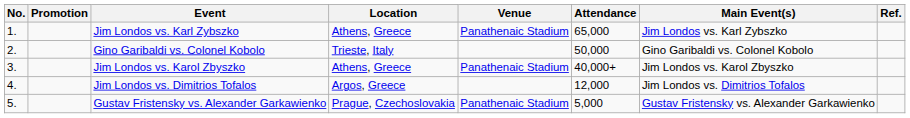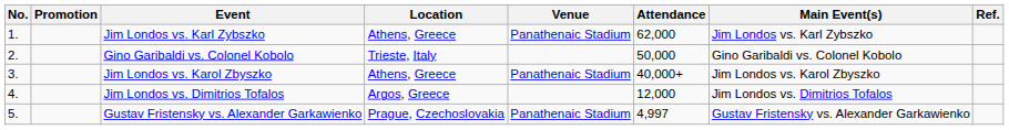 <table class="wikitable sortable" style="font-size:85%;">
 <tr>
 <th>No.</th>
 <th>Promotion</th>
 <th>Event</th>
 <th>Location</th>
 <th>Venue</th>
 <th>Attendance</th>
 <th class=unsortable>Main Event(s)</th>
 <th class=unsortable>Ref.</th>
 </tr>
 <tr>
 <td>1.</td>
 <td></td>
 <td><a href='#'>Jim Londos vs. Karl Zybszko</a> <br> </td>
 <td><a href='#'>Athens</a>, <a href='#'>Greece</a></td>
 <td><a href='#'>Panathenaic Stadium</a></td>
-<td>65,000</td>
+<td>62,000</td>
 <td><a href='#'>Jim Londos</a> vs. Karl Zybszko</td>
 <td></td>
 </tr>
 <tr>
 <td>2.</td>
 <td></td>
 <td><a href='#'>Gino Garibaldi vs. Colonel Kobolo</a> <br> </td>
 <td><a href='#'>Trieste</a>, <a href='#'>Italy</a></td>
 <td></td>
 <td>50,000</td>
 <td>Gino Garibaldi vs. Colonel Kobolo</td>
 <td></td>
 </tr>
 <tr>
 <td>3.</td>
 <td></td>
 <td><a href='#'>Jim Londos vs. Karol Zbyszko</a> <br> </td>
 <td><a href='#'>Athens</a>, <a href='#'>Greece</a></td>
 <td><a href='#'>Panathenaic Stadium</a></td>
 <td>40,000+</td>
 <td>Jim Londos vs. Karol Zbyszko</td>
 <td></td>
 </tr>
 <tr>
 <td>4.</td>
 <td></td>
 <td><a href='#'>Jim Londos vs. Dimitrios Tofalos</a> <br> </td>
 <td><a href='#'>Argos</a>, <a href='#'>Greece</a></td>
 <td></td>
 <td>12,000</td>
 <td>Jim Londos vs. <a href='#'>Dimitrios Tofalos</a></td>
 <td></td>
 </tr>
 <tr>
 <td>5.</td>
 <td></td>
 <td><a href='#'>Gustav Fristensky vs. Alexander Garkawienko</a> <br> </td>
 <td><a href='#'>Prague</a>, <a href='#'>Czechoslovakia</a></td>
 <td><a href='#'>Panathenaic Stadium</a></td>
-<td>5,000</td>
+<td>4,997</td>
 <td><a href='#'>Gustav Fristensky</a> vs. Alexander Garkawienko</td>
 <td></td>
 </tr>
 </table>
